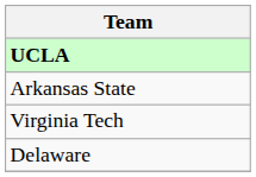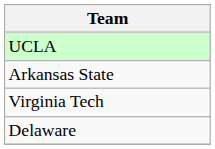 <table class="wikitable" style="text-align: center;">
 <tr>
 <th width="180">Team</th>
 </tr>
 <tr bgcolor=#ccffcc>
-<td align="left"><strong>UCLA</strong></td>
+<td align="left">UCLA</td>
 </tr>
 <tr>
 <td align="left">Arkansas State</td>
 </tr>
 <tr>
 <td align="left">Virginia Tech</td>
 </tr>
 <tr>
 <td align="left">Delaware</td>
 </tr>
 <tr>
 </tr>
 </table>
